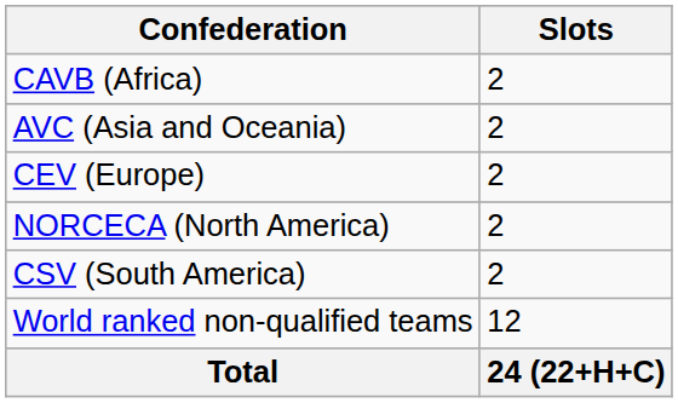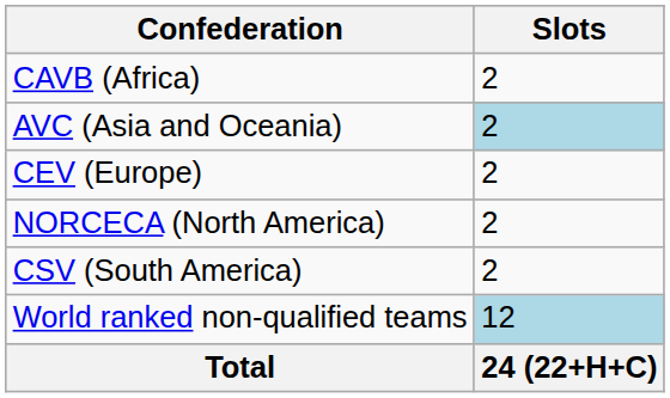 <table class="wikitable">
 <tr>
 <th>Confederation</th>
 <th>Slots</th>
 </tr>
 <tr>
 <td style="text-align:left;"><a href='#'>CAVB</a> (Africa)</td>
 <td>2</td>
 </tr>
 <tr>
 <td style="text-align:left;"><a href='#'>AVC</a> (Asia and Oceania)</td>
-<td>2</td>
+<td style="background: lightblue;">2</td>
 </tr>
 <tr>
 <td style="text-align:left;"><a href='#'>CEV</a> (Europe)</td>
 <td>2</td>
 </tr>
 <tr>
 <td style="text-align:left;"><a href='#'>NORCECA</a> (North America)</td>
 <td>2</td>
 </tr>
 <tr>
 <td style="text-align:left;"><a href='#'>CSV</a> (South America)</td>
 <td>2</td>
 </tr>
 <tr>
 <td style="text-align:left;"><a href='#'>World ranked</a> non-qualified teams</td>
-<td>12</td>
+<td style="background: lightblue;">12</td>
 </tr>
 <tr>
 <th>Total</th>
 <th>24 (22+H+C)</th>
 </tr>
 </table>
